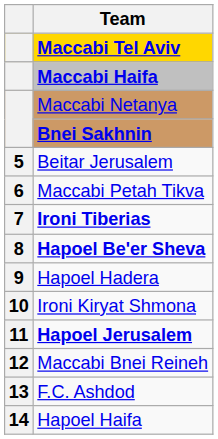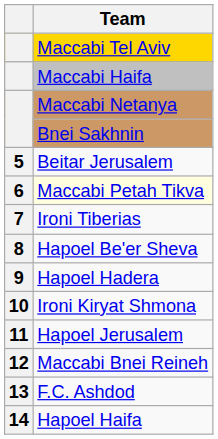 <table class="wikitable" style="font-size: 95%; text-align: left;">
 <tr>
 <th></th>
 <th>Team</th>
 </tr>
 <tr bgcolor=gold>
 <th></th>
-<td><strong><a href='#'>Maccabi Tel Aviv</a></strong></td>
+<td><a href='#'>Maccabi Tel Aviv</a></td>
 </tr>
 <tr bgcolor=silver>
 <th></th>
-<td><strong><a href='#'>Maccabi Haifa</a></strong></td>
+<td><a href='#'>Maccabi Haifa</a></td>
 </tr>
 <tr bgcolor=CC9966>
 <th rowspan=2></th>
 <td><a href='#'>Maccabi Netanya</a></td>
 </tr>
 <tr bgcolor=CC9966>
-<td><strong><a href='#'>Bnei Sakhnin</a></strong></td>
+<td><a href='#'>Bnei Sakhnin</a></td>
 </tr>
 <tr>
 <th>5</th>
 <td><a href='#'>Beitar Jerusalem</a></td>
 </tr>
 <tr>
 <th>6</th>
-<td><a href='#'>Maccabi Petah Tikva</a></td>
+<td style="background: lightyellow;"><a href='#'>Maccabi Petah Tikva</a></td>
 </tr>
 <tr>
 <th>7</th>
-<td><strong><a href='#'>Ironi Tiberias</a></strong></td>
+<td><a href='#'>Ironi Tiberias</a></td>
 </tr>
 <tr>
 <th>8</th>
-<td><strong><a href='#'>Hapoel Be'er Sheva</a></strong></td>
+<td><a href='#'>Hapoel Be'er Sheva</a></td>
 </tr>
 <tr>
 <th>9</th>
 <td><a href='#'>Hapoel Hadera</a></td>
 </tr>
 <tr>
 <th>10</th>
 <td><a href='#'>Ironi Kiryat Shmona</a></td>
 </tr>
 <tr>
 <th>11</th>
-<td><strong><a href='#'>Hapoel Jerusalem</a></strong></td>
+<td><a href='#'>Hapoel Jerusalem</a></td>
 </tr>
 <tr>
 <th>12</th>
 <td><a href='#'>Maccabi Bnei Reineh</a></td>
 </tr>
 <tr>
 <th>13</th>
 <td><a href='#'>F.C. Ashdod</a></td>
 </tr>
 <tr>
 <th>14</th>
 <td><a href='#'>Hapoel Haifa</a></td>
 </tr>
 </table>
